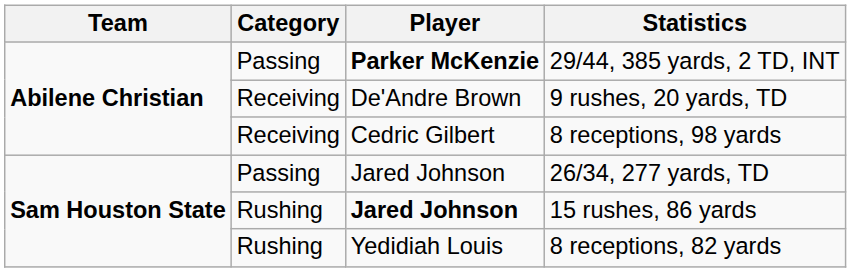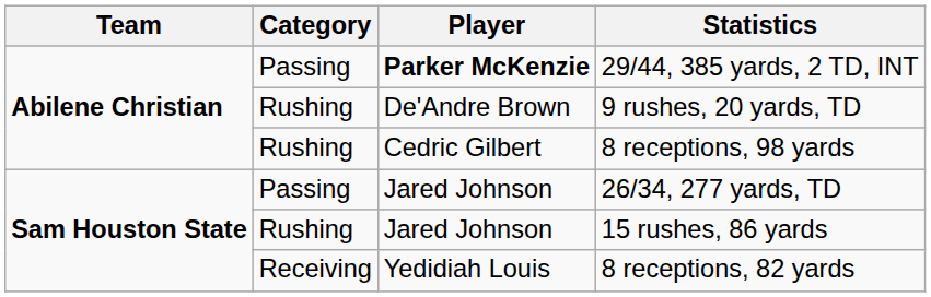 <table class="wikitable" style="float: left;">
 <tr>
 <th>Team</th>
 <th>Category</th>
 <th>Player</th>
 <th>Statistics</th>
 </tr>
 <tr>
 <td rowspan=3><strong>Abilene Christian</strong></td>
 <td>Passing</td>
 <td><strong>Parker McKenzie</strong></td>
 <td>29/44, 385 yards, 2 TD, INT</td>
 </tr>
 <tr>
-<td>Receiving</td>
+<td>Rushing</td>
 <td>De'Andre Brown</td>
 <td>9 rushes, 20 yards, TD</td>
 </tr>
 <tr>
-<td>Receiving</td>
+<td>Rushing</td>
 <td>Cedric Gilbert</td>
 <td>8 receptions, 98 yards</td>
 </tr>
 <tr>
 <td rowspan=3><strong>Sam Houston State</strong></td>
 <td>Passing</td>
 <td>Jared Johnson</td>
 <td>26/34, 277 yards, TD</td>
 </tr>
 <tr>
 <td>Rushing</td>
-<td><strong>Jared Johnson</strong></td>
+<td>Jared Johnson</td>
 <td>15 rushes, 86 yards</td>
 </tr>
 <tr>
-<td>Rushing</td>
+<td>Receiving</td>
 <td>Yedidiah Louis</td>
 <td>8 receptions, 82 yards</td>
 </tr>
 </table>
